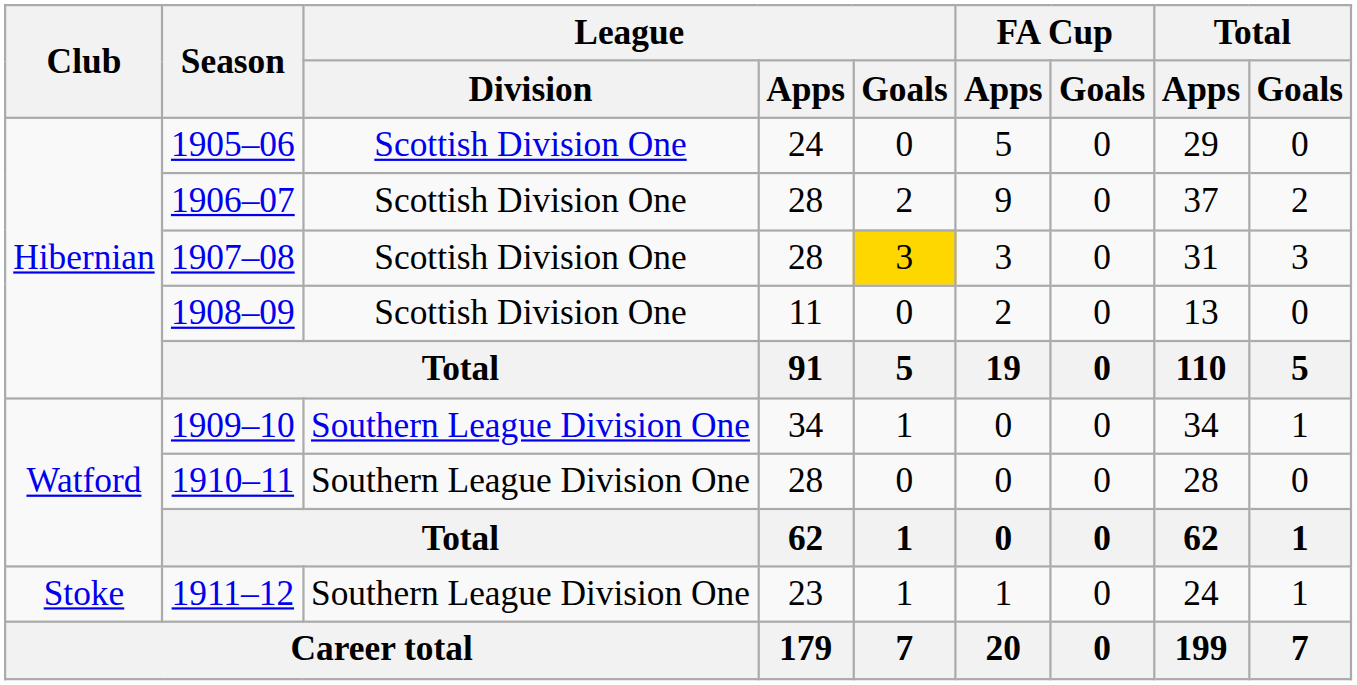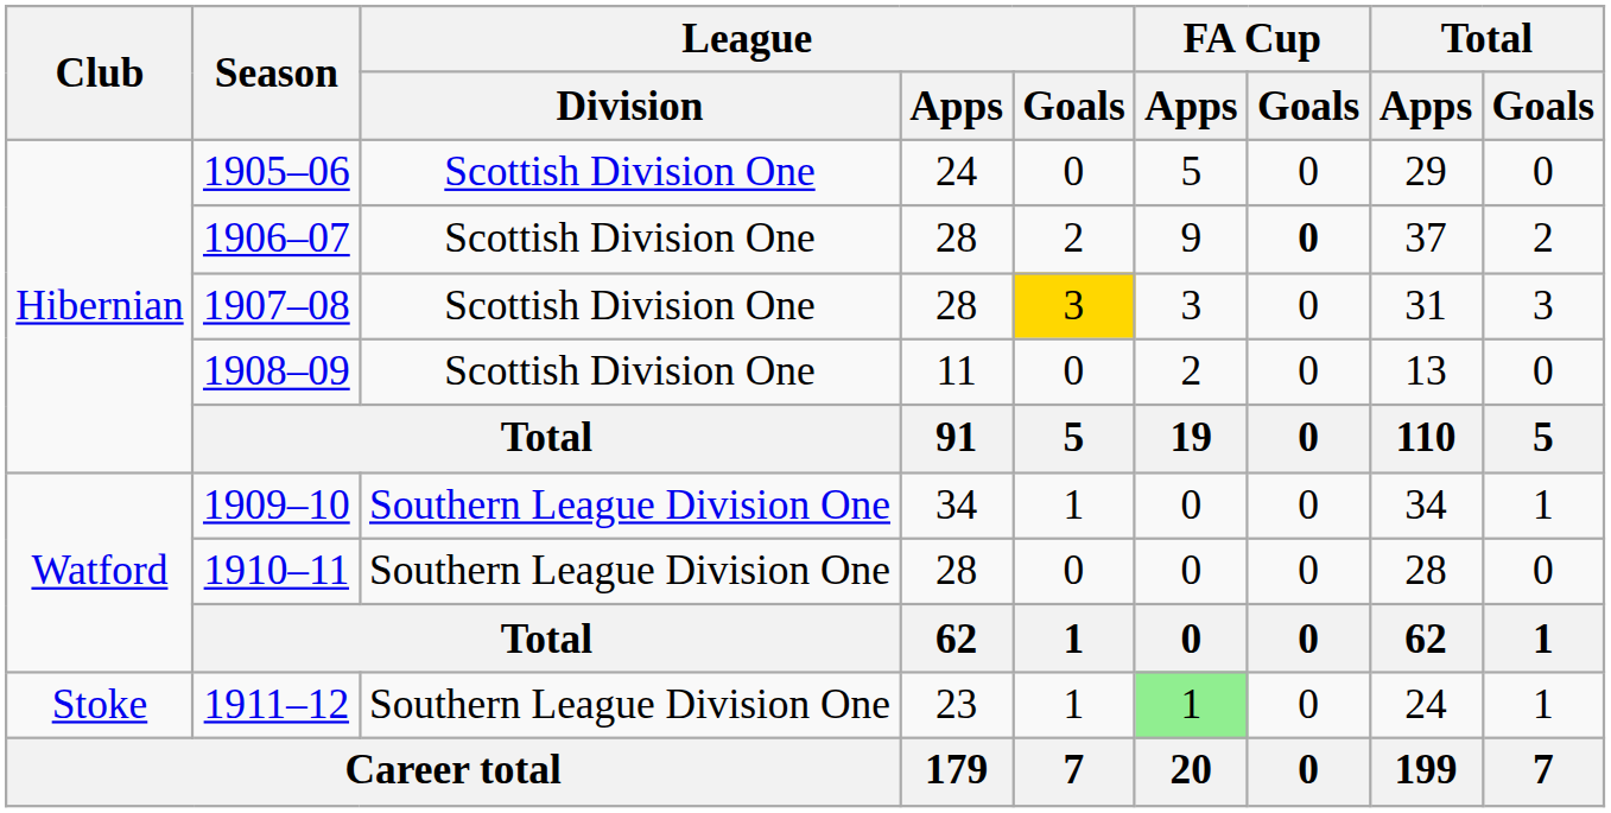 <table class="wikitable" style="text-align: center;">
 <tr>
 <th rowspan="2">Club</th>
 <th rowspan="2">Season</th>
 <th colspan="3">League</th>
 <th colspan="2">FA Cup</th>
 <th colspan="2">Total</th>
 </tr>
 <tr>
 <th>Division</th>
 <th>Apps</th>
 <th>Goals</th>
 <th>Apps</th>
 <th>Goals</th>
 <th>Apps</th>
 <th>Goals</th>
 </tr>
 <tr>
 <td rowspan=5><a href='#'>Hibernian</a></td>
 <td><a href='#'>1905–06</a></td>
 <td><a href='#'>Scottish Division One</a></td>
 <td>24</td>
 <td>0</td>
 <td>5</td>
 <td>0</td>
 <td>29</td>
 <td>0</td>
 </tr>
 <tr>
 <td><a href='#'>1906–07</a></td>
 <td>Scottish Division One</td>
 <td>28</td>
 <td>2</td>
 <td>9</td>
-<td>0</td>
+<td><strong>0</strong></td>
 <td>37</td>
 <td>2</td>
 </tr>
 <tr>
 <td><a href='#'>1907–08</a></td>
 <td>Scottish Division One</td>
 <td>28</td>
 <td style="background: gold;">3</td>
 <td>3</td>
 <td>0</td>
 <td>31</td>
 <td>3</td>
 </tr>
 <tr>
 <td><a href='#'>1908–09</a></td>
 <td>Scottish Division One</td>
 <td>11</td>
 <td>0</td>
 <td>2</td>
 <td>0</td>
 <td>13</td>
 <td>0</td>
 </tr>
 <tr>
 <th colspan=2>Total</th>
 <th>91</th>
 <th>5</th>
 <th>19</th>
 <th>0</th>
 <th>110</th>
 <th>5</th>
 </tr>
 <tr>
 <td rowspan=3><a href='#'>Watford</a></td>
 <td><a href='#'>1909–10</a></td>
 <td><a href='#'>Southern League Division One</a></td>
 <td>34</td>
 <td>1</td>
 <td>0</td>
 <td>0</td>
 <td>34</td>
 <td>1</td>
 </tr>
 <tr>
 <td><a href='#'>1910–11</a></td>
 <td>Southern League Division One</td>
 <td>28</td>
 <td>0</td>
 <td>0</td>
 <td>0</td>
 <td>28</td>
 <td>0</td>
 </tr>
 <tr>
 <th colspan=2>Total</th>
 <th>62</th>
 <th>1</th>
 <th>0</th>
 <th>0</th>
 <th>62</th>
 <th>1</th>
 </tr>
 <tr>
 <td><a href='#'>Stoke</a></td>
 <td><a href='#'>1911–12</a></td>
 <td>Southern League Division One</td>
 <td>23</td>
 <td>1</td>
-<td>1</td>
+<td style="background: lightgreen;">1</td>
 <td>0</td>
 <td>24</td>
 <td>1</td>
 </tr>
 <tr>
 <th colspan="3">Career total</th>
 <th>179</th>
 <th>7</th>
 <th>20</th>
 <th>0</th>
 <th>199</th>
 <th>7</th>
 </tr>
 </table>
